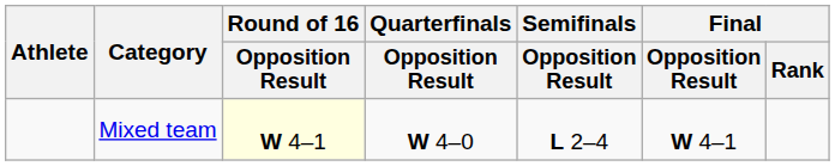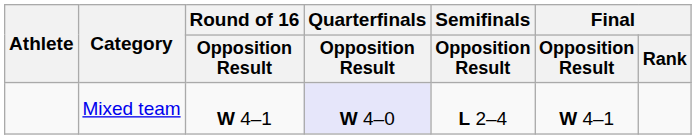 <table class="wikitable" style="text-align:center; font-size:90%">
 <tr>
 <th rowspan=2>Athlete</th>
 <th rowspan=2>Category</th>
 <th>Round of 16</th>
 <th>Quarterfinals</th>
 <th>Semifinals</th>
 <th colspan=2>Final</th>
 </tr>
 <tr style="font-size:95%">
 <th>Opposition<br>Result</th>
 <th>Opposition<br>Result</th>
 <th>Opposition<br>Result</th>
 <th>Opposition<br>Result</th>
 <th>Rank</th>
 </tr>
 <tr>
 <td align=left></td>
 <td align=left><a href='#'>Mixed team</a></td>
-<td style="background: lightyellow;"><br><strong>W</strong> 4–1</td>
-<td><br><strong>W</strong> 4–0</td>
+<td><br><strong>W</strong> 4–1</td>
+<td style="background: lavender;"><br><strong>W</strong> 4–0</td>
 <td><br><strong>L</strong> 2–4</td>
 <td><br><strong>W</strong> 4–1</td>
 <td></td>
 </tr>
 </table>
